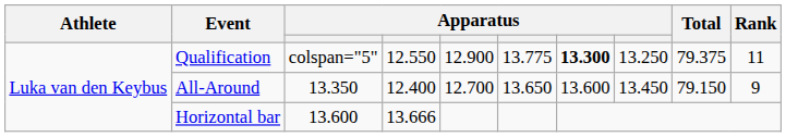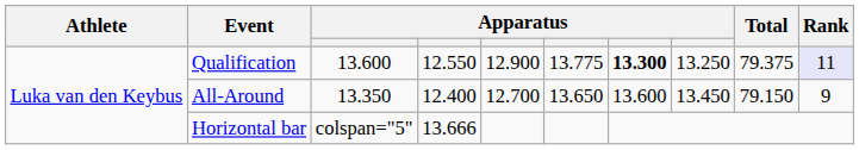 <table class="wikitable" style="font-size:90%">
 <tr>
 <th rowspan=2>Athlete</th>
 <th rowspan=2>Event</th>
 <th colspan =6>Apparatus</th>
 <th rowspan=2>Total</th>
 <th rowspan=2>Rank</th>
 </tr>
 <tr style="font-size:95%">
 <th></th>
 <th></th>
 <th></th>
 <th></th>
 <th></th>
 <th></th>
 </tr>
 <tr align=center>
 <td align=left rowspan=3><a href='#'>Luka van den Keybus</a></td>
 <td align=left><a href='#'>Qualification</a></td>
-<td>colspan="5" </td>
+<td>13.600</td>
 <td>12.550</td>
 <td>12.900</td>
 <td>13.775</td>
 <td><strong>13.300</strong></td>
 <td>13.250</td>
 <td>79.375</td>
-<td>11</td>
+<td style="background: lavender;">11</td>
 </tr>
 <tr align=center>
 <td align=left><a href='#'>All-Around</a></td>
 <td>13.350</td>
 <td>12.400</td>
 <td>12.700</td>
 <td>13.650</td>
 <td>13.600</td>
 <td>13.450</td>
 <td>79.150</td>
 <td>9</td>
 </tr>
 <tr align=center>
 <td align=left><a href='#'>Horizontal bar</a></td>
-<td>13.600</td>
+<td>colspan="5" </td>
 <td>13.666</td>
 <td></td>
 <td></td>
 </tr>
 </table>
